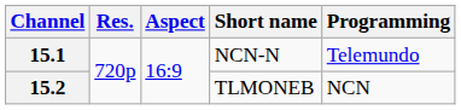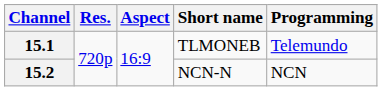 <table class="wikitable">
 <tr>
 <th scope="col"><a href='#'>Channel</a></th>
 <th scope="col"><a href='#'>Res.</a></th>
 <th scope="col"><a href='#'>Aspect</a></th>
 <th scope="col">Short name</th>
 <th scope="col">Programming</th>
 </tr>
 <tr>
 <th scope="row">15.1</th>
 <td rowspan="2"><a href='#'>720p</a></td>
 <td rowspan="2"><a href='#'>16:9</a></td>
-<td>NCN-N</td>
+<td>TLMONEB</td>
 <td><a href='#'>Telemundo</a></td>
 </tr>
 <tr>
 <th scope="row">15.2</th>
-<td>TLMONEB</td>
+<td>NCN-N</td>
 <td>NCN</td>
 </tr>
 </table>
